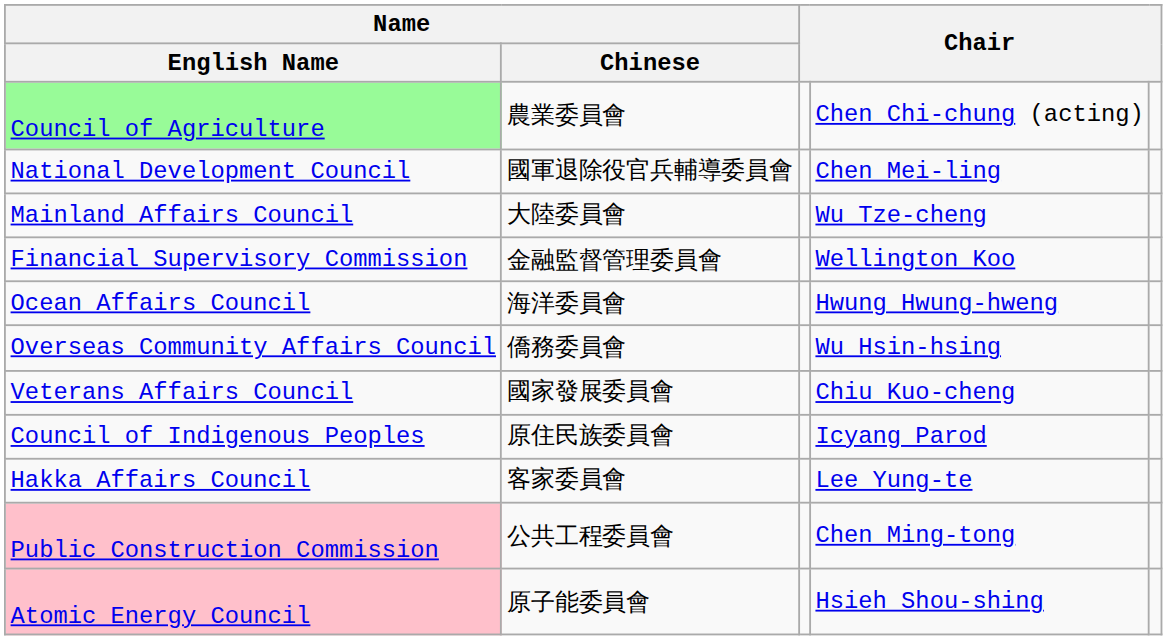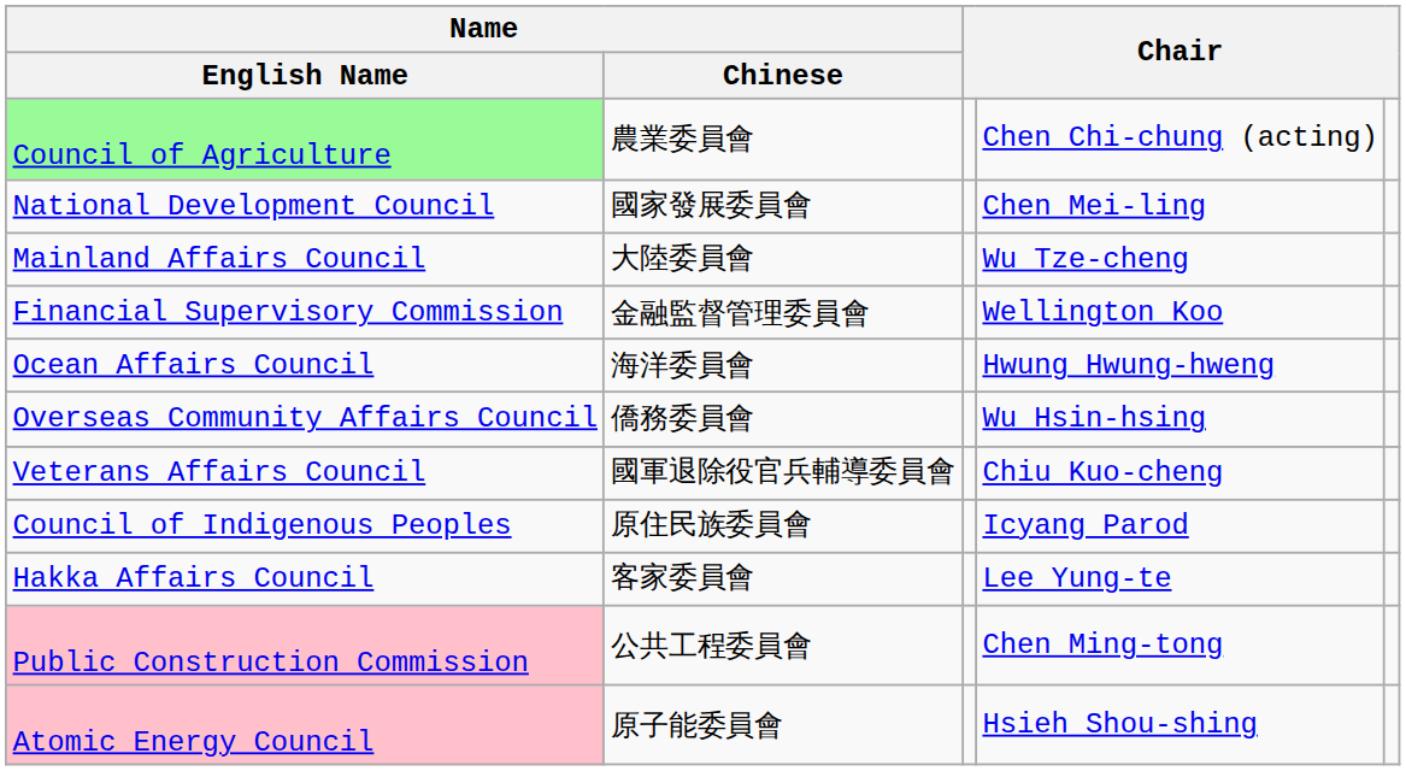 <table class="wikitable sortable">
 <tr>
 <th colspan="2">Name</th>
 <th colspan="3" rowspan="2">Chair</th>
 </tr>
 <tr>
 <th>English Name</th>
 <th>Chinese</th>
 </tr>
 <tr>
 <td style="background:palegreen"><br><a href='#'>Council of Agriculture</a></td>
 <td>農業委員會</td>
 <td style="background:"></td>
 <td><a href='#'>Chen Chi-chung</a> (acting)</td>
 <td></td>
 </tr>
 <tr>
 <td><a href='#'>National Development Council</a></td>
-<td>國軍退除役官兵輔導委員會</td>
+<td>國家發展委員會</td>
 <td style="background:"></td>
 <td><a href='#'>Chen Mei-ling</a></td>
 <td></td>
 </tr>
 <tr>
 <td><a href='#'>Mainland Affairs Council</a></td>
 <td>大陸委員會</td>
 <td style="background:"></td>
 <td><a href='#'>Wu Tze-cheng</a></td>
 <td></td>
 </tr>
 <tr>
 <td><a href='#'>Financial Supervisory Commission</a></td>
 <td>金融監督管理委員會</td>
 <td style="background:"></td>
 <td><a href='#'>Wellington Koo</a></td>
 <td></td>
 </tr>
 <tr>
 <td><a href='#'>Ocean Affairs Council</a></td>
 <td>海洋委員會</td>
 <td style="background:"></td>
 <td><a href='#'>Hwung Hwung-hweng</a></td>
 <td></td>
 </tr>
 <tr>
 <td><a href='#'>Overseas Community Affairs Council</a></td>
 <td>僑務委員會</td>
 <td style="background:"></td>
 <td><a href='#'>Wu Hsin-hsing</a></td>
 <td></td>
 </tr>
 <tr>
 <td><a href='#'>Veterans Affairs Council</a></td>
-<td>國家發展委員會</td>
+<td>國軍退除役官兵輔導委員會</td>
 <td style="background:"></td>
 <td><a href='#'>Chiu Kuo-cheng</a></td>
 <td></td>
 </tr>
 <tr>
 <td><a href='#'>Council of Indigenous Peoples</a></td>
 <td>原住民族委員會</td>
 <td style="background:"></td>
 <td><a href='#'>Icyang Parod</a></td>
 <td></td>
 </tr>
 <tr>
 <td><a href='#'>Hakka Affairs Council</a></td>
 <td>客家委員會</td>
 <td style="background:"></td>
 <td><a href='#'>Lee Yung-te</a></td>
 <td></td>
 </tr>
 <tr>
 <td style="background:pink"><br><a href='#'>Public Construction Commission</a></td>
 <td>公共工程委員會</td>
 <td style="background:"></td>
 <td><a href='#'>Chen Ming-tong</a></td>
 <td></td>
 </tr>
 <tr>
 <td style="background:pink"><br><a href='#'>Atomic Energy Council</a></td>
 <td>原子能委員會</td>
 <td style="background:"></td>
 <td><a href='#'>Hsieh Shou-shing</a></td>
 <td></td>
 </tr>
 </table>
